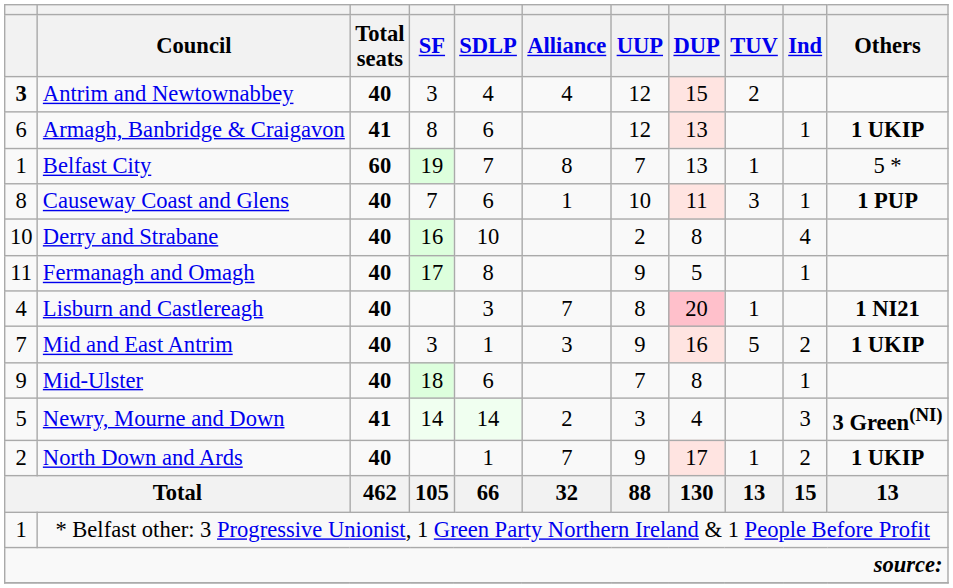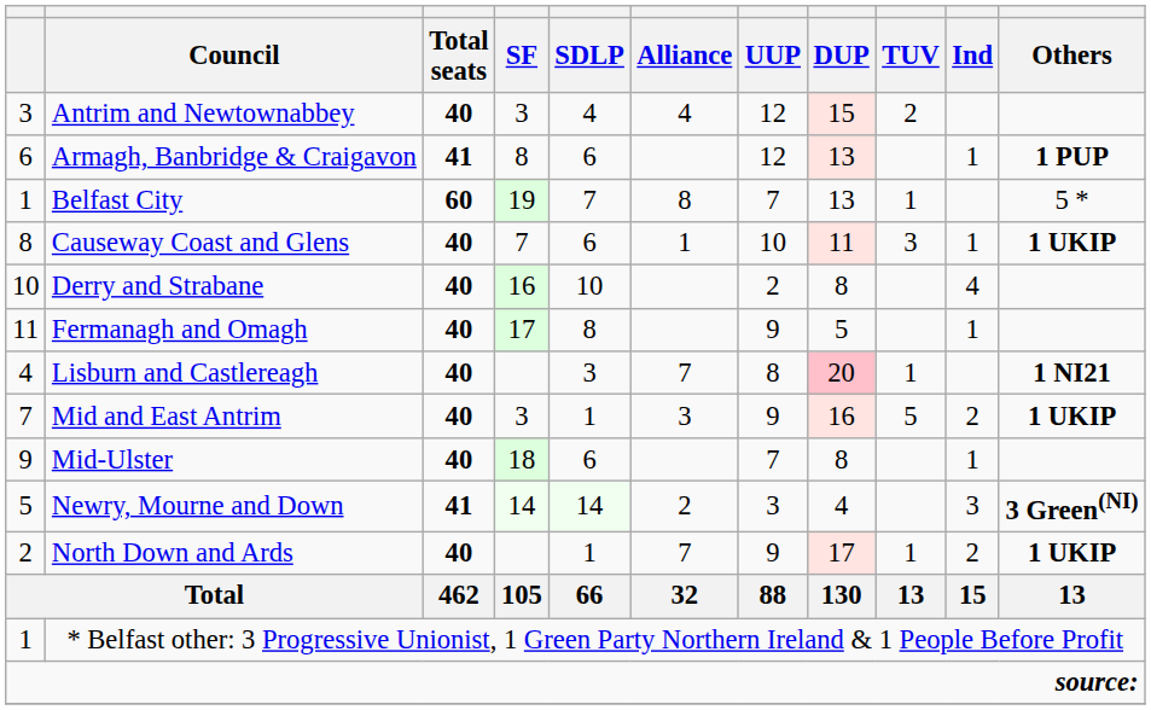 <table class="wikitable sortable" style="text-align:center">
 <tr>
 <th></th>
 <th></th>
 <th></th>
 <th></th>
 <th></th>
 <th></th>
 <th></th>
 <th></th>
 <th></th>
 <th></th>
 <th></th>
 </tr>
 <tr>
 <th></th>
 <th>Council</th>
 <th><strong>Total<br>seats</strong></th>
 <th><a href='#'>SF</a></th>
 <th><a href='#'>SDLP</a></th>
 <th><a href='#'>Alliance</a></th>
 <th><a href='#'>UUP</a></th>
 <th><a href='#'>DUP</a></th>
 <th><a href='#'>TUV</a></th>
 <th><a href='#'>Ind</a></th>
 <th>Others</th>
 </tr>
 <tr>
-<td><strong>3</strong></td>
+<td>3</td>
 <td style="text-align:left"><a href='#'>Antrim and Newtownabbey</a></td>
 <td><strong>40</strong></td>
 <td>3</td>
 <td>4</td>
 <td>4</td>
 <td>12</td>
 <td style="background:mistyrose">15</td>
 <td>2</td>
 <td></td>
 <td></td>
 </tr>
 <tr>
 <td>6</td>
 <td style="text-align:left"><a href='#'>Armagh, Banbridge & Craigavon</a></td>
 <td><strong>41</strong></td>
 <td>8</td>
 <td>6</td>
 <td></td>
 <td>12</td>
 <td style="background:mistyrose">13</td>
 <td></td>
 <td>1</td>
-<td style="background:"><strong>1 UKIP</strong></td>
+<td style="background:"><strong>1 PUP</strong></td>
 </tr>
 <tr>
 <td>1</td>
 <td style="text-align:left"><a href='#'>Belfast City</a></td>
 <td><strong>60</strong></td>
 <td style="background:#ddFFdd">19</td>
 <td>7</td>
 <td>8</td>
 <td>7</td>
 <td>13</td>
 <td>1</td>
 <td></td>
 <td>5 *</td>
 </tr>
 <tr>
 <td>8</td>
 <td style="text-align:left"><a href='#'>Causeway Coast and Glens</a></td>
 <td><strong>40</strong></td>
 <td>7</td>
 <td>6</td>
 <td>1</td>
 <td>10</td>
 <td style="background:mistyrose">11</td>
 <td>3</td>
 <td>1</td>
-<td style="background:"><strong>1 PUP</strong></td>
+<td style="background:"><strong>1 UKIP</strong></td>
 </tr>
 <tr>
 <td>10</td>
 <td style="text-align:left"><a href='#'>Derry and Strabane</a></td>
 <td><strong>40</strong></td>
 <td style="background:#ddFFdd">16</td>
 <td>10</td>
 <td></td>
 <td>2</td>
 <td>8</td>
 <td></td>
 <td>4</td>
 <td></td>
 </tr>
 <tr>
 <td>11</td>
 <td style="text-align:left"><a href='#'>Fermanagh and Omagh</a></td>
 <td><strong>40</strong></td>
 <td style="background:#ddFFdd">17</td>
 <td>8</td>
 <td></td>
 <td>9</td>
 <td>5</td>
 <td></td>
 <td>1</td>
 <td></td>
 </tr>
 <tr>
 <td>4</td>
 <td style="text-align:left"><a href='#'>Lisburn and Castlereagh</a></td>
 <td><strong>40</strong></td>
 <td></td>
 <td>3</td>
 <td>7</td>
 <td>8</td>
 <td style="background:pink">20</td>
 <td>1</td>
 <td></td>
 <td style="background:"><strong>1 NI21</strong></td>
 </tr>
 <tr>
 <td>7</td>
 <td style="text-align:left"><a href='#'>Mid and East Antrim</a></td>
 <td><strong>40</strong></td>
 <td>3</td>
 <td>1</td>
 <td>3</td>
 <td>9</td>
 <td style="background:mistyrose">16</td>
 <td>5</td>
 <td>2</td>
 <td style="background:"><strong>1 UKIP</strong></td>
 </tr>
 <tr>
 <td>9</td>
 <td style="text-align:left"><a href='#'>Mid-Ulster</a></td>
 <td><strong>40</strong></td>
 <td style="background:#ddFFdd">18</td>
 <td>6</td>
 <td></td>
 <td>7</td>
 <td>8</td>
 <td></td>
 <td>1</td>
 <td></td>
 </tr>
 <tr>
 <td>5</td>
 <td style="text-align:left"><a href='#'>Newry, Mourne and Down</a></td>
 <td><strong>41</strong></td>
 <td style="background:honeydew">14</td>
 <td style="background:honeydew">14</td>
 <td>2</td>
 <td>3</td>
 <td>4</td>
 <td></td>
 <td>3</td>
 <td style="background:"><strong>3 Green<sup>(NI)</sup></strong></td>
 </tr>
 <tr>
 <td>2</td>
 <td style="text-align:left"><a href='#'>North Down and Ards</a></td>
 <td><strong>40</strong></td>
 <td></td>
 <td>1</td>
 <td>7</td>
 <td>9</td>
 <td style="background:mistyrose">17</td>
 <td>1</td>
 <td>2</td>
 <td style="background:"><strong>1 UKIP</strong></td>
 </tr>
 <tr>
 <th colspan="2">Total</th>
 <th>462</th>
 <th>105</th>
 <th>66</th>
 <th>32</th>
 <th>88</th>
 <th>130</th>
 <th>13</th>
 <th>15</th>
 <th>13</th>
 </tr>
 <tr>
 <td>1</td>
 <td colspan="10">* Belfast other: 3 <a href='#'>Progressive Unionist</a>, 1 <a href='#'>Green Party Northern Ireland</a> & 1 <a href='#'>People Before Profit</a></td>
 </tr>
 <tr>
 <td colspan="11" align="right"><strong><em>source:</em></strong></td>
 </tr>
 <tr>
 </tr>
 </table>
